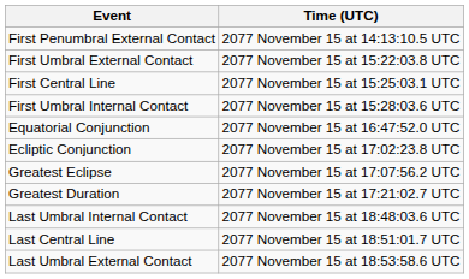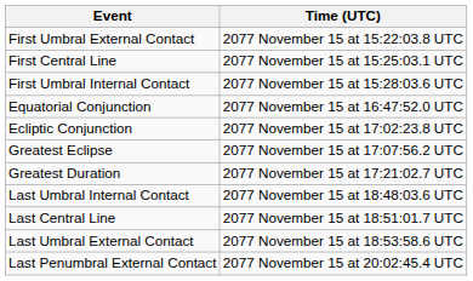 <table class="wikitable">
 <tr>
 <th>Event</th>
 <th>Time (UTC)</th>
-</tr>
-<tr>
-<td>First Penumbral External Contact</td>
-<td>2077 November 15 at 14:13:10.5 UTC</td>
 </tr>
 <tr>
 <td>First Umbral External Contact</td>
 <td>2077 November 15 at 15:22:03.8 UTC</td>
 </tr>
 <tr>
 <td>First Central Line</td>
 <td>2077 November 15 at 15:25:03.1 UTC</td>
 </tr>
 <tr>
 <td>First Umbral Internal Contact</td>
 <td>2077 November 15 at 15:28:03.6 UTC</td>
 </tr>
 <tr>
 <td>Equatorial Conjunction</td>
 <td>2077 November 15 at 16:47:52.0 UTC</td>
 </tr>
 <tr>
 <td>Ecliptic Conjunction</td>
 <td>2077 November 15 at 17:02:23.8 UTC</td>
 </tr>
 <tr>
 <td>Greatest Eclipse</td>
 <td>2077 November 15 at 17:07:56.2 UTC</td>
 </tr>
 <tr>
 <td>Greatest Duration</td>
 <td>2077 November 15 at 17:21:02.7 UTC</td>
 </tr>
 <tr>
 <td>Last Umbral Internal Contact</td>
 <td>2077 November 15 at 18:48:03.6 UTC</td>
 </tr>
 <tr>
 <td>Last Central Line</td>
 <td>2077 November 15 at 18:51:01.7 UTC</td>
 </tr>
 <tr>
 <td>Last Umbral External Contact</td>
 <td>2077 November 15 at 18:53:58.6 UTC</td>
 </tr>
+<tr>
+<td>Last Penumbral External Contact</td>
+<td>2077 November 15 at 20:02:45.4 UTC</td>
+</tr>
 </table>
